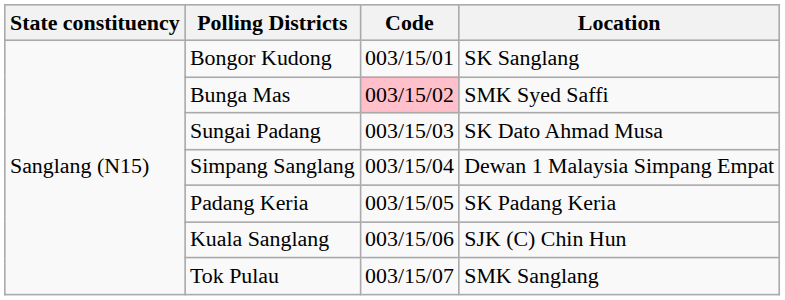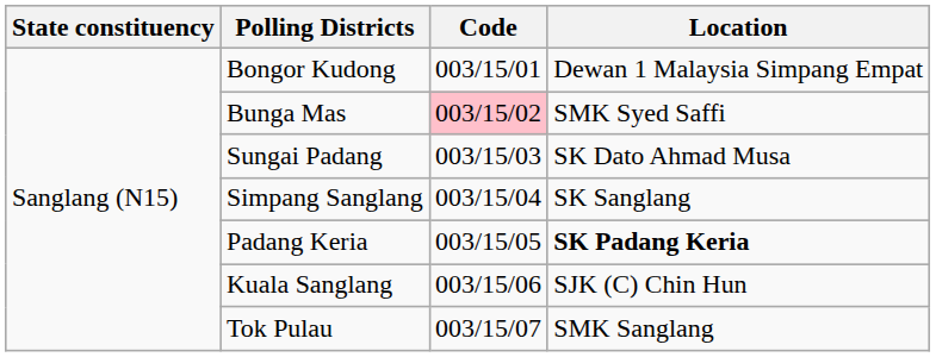 <table class="wikitable sortable mw-collapsible" style="white-space:nowrap;font-size:85%">
 <tr>
 <th>State constituency</th>
 <th>Polling Districts</th>
 <th>Code</th>
 <th>Location</th>
 </tr>
 <tr>
 <td rowspan="7">Sanglang (N15)</td>
 <td>Bongor Kudong</td>
 <td>003/15/01</td>
-<td>SK Sanglang</td>
+<td>Dewan 1 Malaysia Simpang Empat</td>
 </tr>
 <tr>
 <td>Bunga Mas</td>
 <td style="background: pink;">003/15/02</td>
 <td>SMK Syed Saffi</td>
 </tr>
 <tr>
 <td>Sungai Padang</td>
 <td>003/15/03</td>
 <td>SK Dato Ahmad Musa</td>
 </tr>
 <tr>
 <td>Simpang Sanglang</td>
 <td>003/15/04</td>
-<td>Dewan 1 Malaysia Simpang Empat</td>
+<td>SK Sanglang</td>
 </tr>
 <tr>
 <td>Padang Keria</td>
 <td>003/15/05</td>
-<td>SK Padang Keria</td>
+<td><strong>SK Padang Keria</strong></td>
 </tr>
 <tr>
 <td>Kuala Sanglang</td>
 <td>003/15/06</td>
 <td>SJK (C) Chin Hun</td>
 </tr>
 <tr>
 <td>Tok Pulau</td>
 <td>003/15/07</td>
 <td>SMK Sanglang</td>
 </tr>
 </table>
